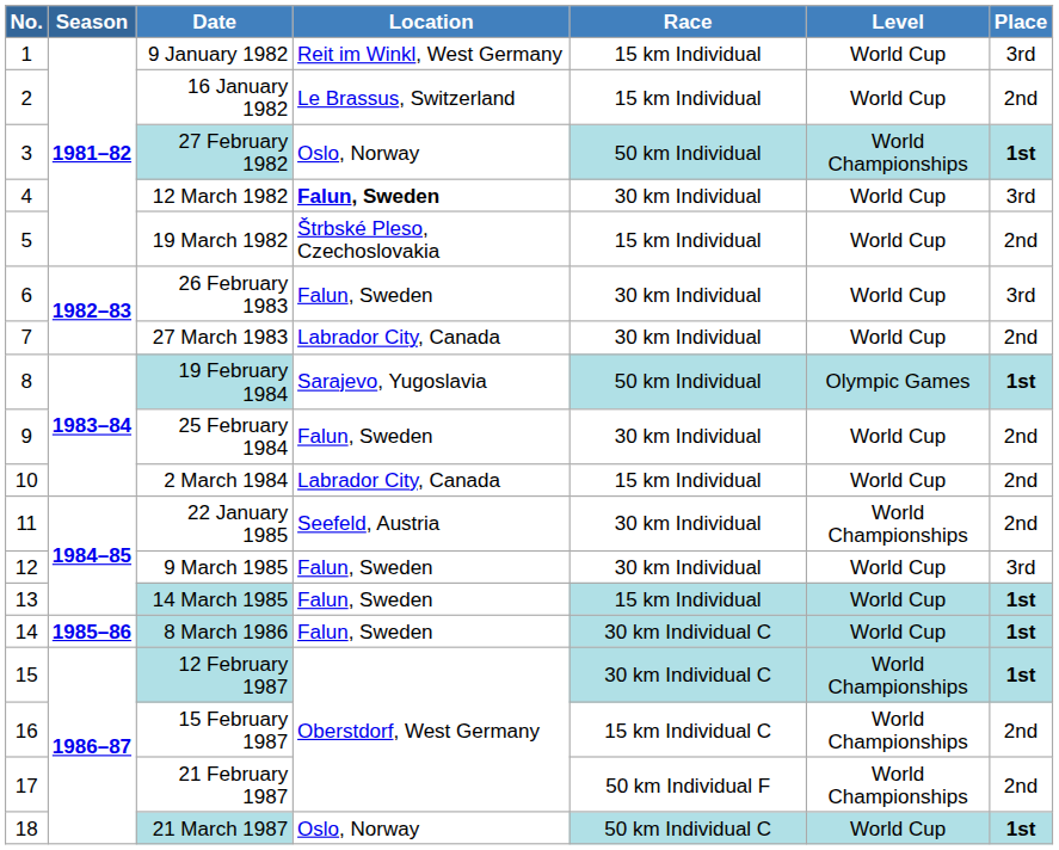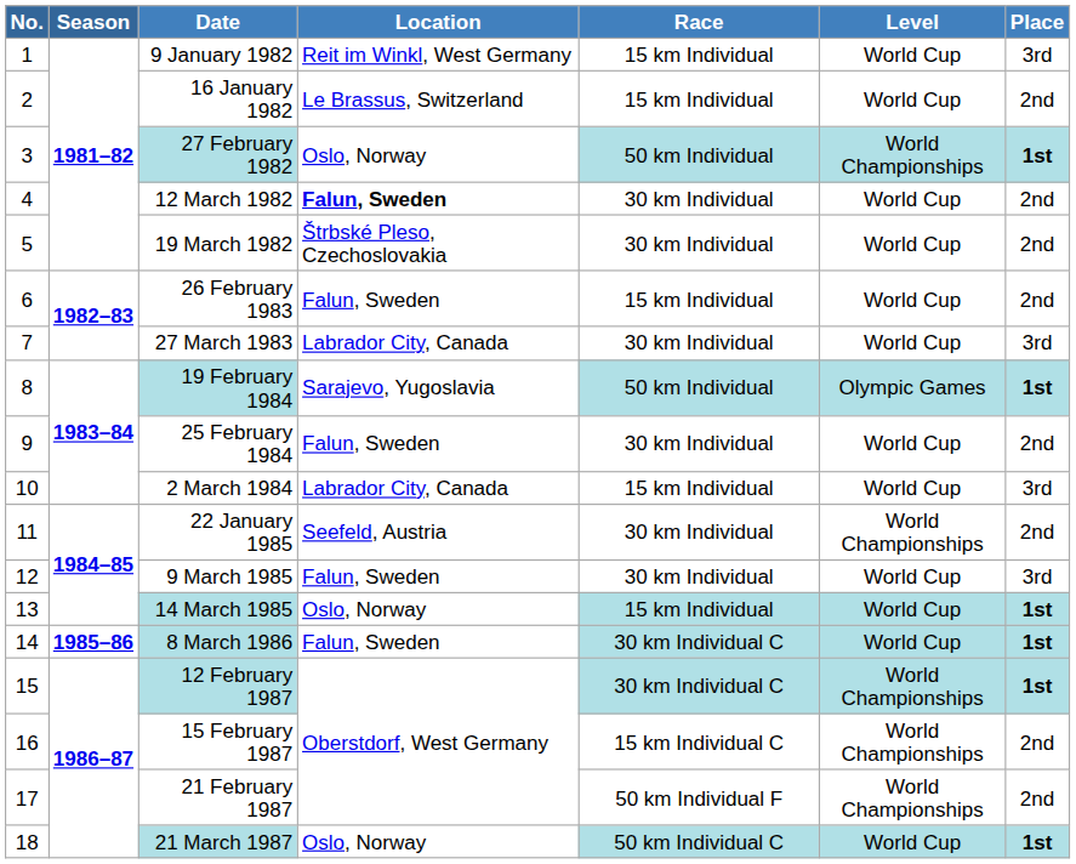 <table class="wikitable sortable" style="font-size:95%; text-align:center; border:grey solid 1px; border-collapse:collapse; background:#ffffff;">
 <tr style="background:#efefef;">
 <th style="background-color:#369; color:white;">No.</th>
 <th style="background-color:#369; color:white;">Season</th>
 <th style="background-color:#4180be; color:white; width:110px;">Date</th>
 <th style="background-color:#4180be; color:white; width:200px;">Location</th>
 <th style="background-color:#4180be; color:white; width:170px;">Race</th>
 <th style="background-color:#4180be; color:white; width:130px;">Level</th>
 <th style="background-color:#4180be; color:white;">Place</th>
 </tr>
 <tr>
 <td align=center>1</td>
 <td rowspan=5 align=center><strong><a href='#'>1981–82</a></strong></td>
 <td align=right>9 January 1982</td>
 <td align=left>  <a href='#'>Reit im Winkl</a>, West Germany</td>
 <td>15 km Individual</td>
 <td>World Cup</td>
 <td>3rd</td>
 </tr>
 <tr>
 <td align=center>2</td>
 <td align=right>16 January 1982</td>
 <td align=left> <a href='#'>Le Brassus</a>, Switzerland</td>
 <td>15 km Individual</td>
 <td>World Cup</td>
 <td>2nd</td>
 </tr>
 <tr>
 <td align=center>3</td>
 <td bgcolor="#BOEOE6" align=right>27 February 1982</td>
 <td align=left> <a href='#'>Oslo</a>, Norway</td>
 <td bgcolor="#BOEOE6">50 km Individual</td>
 <td bgcolor="#BOEOE6">World Championships</td>
 <td bgcolor="#BOEOE6"><strong>1st</strong></td>
 </tr>
 <tr>
 <td align=center>4</td>
 <td align=right>12 March 1982</td>
 <td align=left><strong> <a href='#'>Falun</a>, Sweden</strong></td>
 <td>30 km Individual</td>
 <td>World Cup</td>
-<td>3rd</td>
+<td>2nd</td>
 </tr>
 <tr>
 <td align=center>5</td>
 <td align=right>19 March 1982</td>
 <td align=left> <a href='#'>Štrbské Pleso</a>, Czechoslovakia</td>
-<td>15 km Individual</td>
+<td>30 km Individual</td>
 <td>World Cup</td>
 <td>2nd</td>
 </tr>
 <tr>
 <td align=center>6</td>
 <td rowspan=2 align=center><strong><a href='#'>1982–83</a></strong></td>
 <td align=right>26 February 1983</td>
 <td align=left> <a href='#'>Falun</a>, Sweden</td>
-<td>30 km Individual</td>
+<td>15 km Individual</td>
 <td>World Cup</td>
-<td>3rd</td>
+<td>2nd</td>
 </tr>
 <tr>
 <td align=center>7</td>
 <td align=right>27 March 1983</td>
 <td align=left> <a href='#'>Labrador City</a>, Canada</td>
 <td>30 km Individual</td>
 <td>World Cup</td>
-<td>2nd</td>
+<td>3rd</td>
 </tr>
 <tr>
 <td align=center>8</td>
 <td rowspan=3 align=center><strong><a href='#'>1983–84</a></strong></td>
 <td bgcolor="#BOEOE6" align=right>19 February 1984</td>
 <td align=left> <a href='#'>Sarajevo</a>, Yugoslavia</td>
 <td bgcolor="#BOEOE6">50 km Individual</td>
 <td bgcolor="#BOEOE6">Olympic Games</td>
 <td bgcolor="#BOEOE6"><strong>1st</strong></td>
 </tr>
 <tr>
 <td align=center>9</td>
 <td align=right>25 February 1984</td>
 <td align=left> <a href='#'>Falun</a>, Sweden</td>
 <td>30 km Individual</td>
 <td>World Cup</td>
 <td>2nd</td>
 </tr>
 <tr>
 <td align=center>10</td>
 <td align=right>2 March 1984</td>
 <td align=left> <a href='#'>Labrador City</a>, Canada</td>
 <td>15 km Individual</td>
 <td>World Cup</td>
-<td>2nd</td>
+<td>3rd</td>
 </tr>
 <tr>
 <td align=center>11</td>
 <td rowspan=3 align=center><strong><a href='#'>1984–85</a></strong></td>
 <td align=right>22 January 1985</td>
 <td align=left>  <a href='#'>Seefeld</a>, Austria</td>
 <td>30 km Individual</td>
 <td>World Championships</td>
 <td>2nd</td>
 </tr>
 <tr>
 <td align=center>12</td>
 <td align=right>9 March 1985</td>
 <td align=left> <a href='#'>Falun</a>, Sweden</td>
 <td>30 km Individual</td>
 <td>World Cup</td>
 <td>3rd</td>
 </tr>
 <tr>
 <td align=center>13</td>
 <td bgcolor="#BOEOE6" align=right>14 March 1985</td>
-<td align=left> <a href='#'>Falun</a>, Sweden</td>
+<td align=left> <a href='#'>Oslo</a>, Norway</td>
 <td bgcolor="#BOEOE6">15 km Individual</td>
 <td bgcolor="#BOEOE6">World Cup</td>
 <td bgcolor="#BOEOE6"><strong>1st</strong></td>
 </tr>
 <tr>
 <td align=center>14</td>
 <td rowspan=1 align=center><strong><a href='#'>1985–86</a></strong></td>
 <td bgcolor="#BOEOE6" align=right>8 March 1986</td>
 <td align=left> <a href='#'>Falun</a>, Sweden</td>
 <td bgcolor="#BOEOE6">30 km Individual C</td>
 <td bgcolor="#BOEOE6">World Cup</td>
 <td bgcolor="#BOEOE6"><strong>1st</strong></td>
 </tr>
 <tr>
 <td align=center>15</td>
 <td rowspan=4 align=center><strong><a href='#'>1986–87</a></strong></td>
 <td bgcolor="#BOEOE6" align=right>12 February 1987</td>
 <td rowspan=3 align=left> <a href='#'>Oberstdorf</a>, West Germany</td>
 <td bgcolor="#BOEOE6">30 km Individual C</td>
 <td bgcolor="#BOEOE6">World Championships</td>
 <td bgcolor="#BOEOE6"><strong>1st</strong></td>
 </tr>
 <tr>
 <td align=center>16</td>
 <td align=right>15 February 1987</td>
 <td>15 km Individual C</td>
 <td>World Championships</td>
 <td>2nd</td>
 </tr>
 <tr>
 <td align=center>17</td>
 <td align=right>21 February 1987</td>
 <td>50 km Individual F</td>
 <td>World Championships</td>
 <td>2nd</td>
 </tr>
 <tr>
 <td align=center>18</td>
 <td bgcolor="#BOEOE6" align=right>21 March 1987</td>
 <td align=left> <a href='#'>Oslo</a>, Norway</td>
 <td bgcolor="#BOEOE6">50 km Individual C</td>
 <td bgcolor="#BOEOE6">World Cup</td>
 <td bgcolor="#BOEOE6"><strong>1st</strong></td>
 </tr>
 </table>
